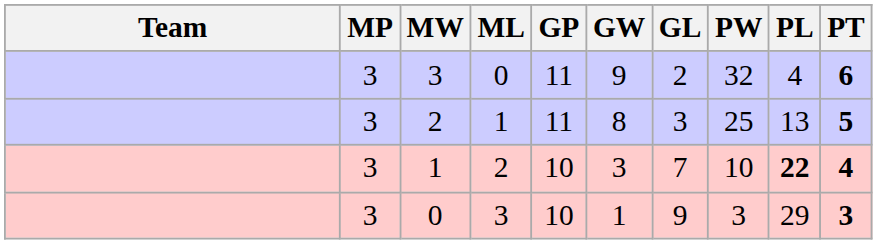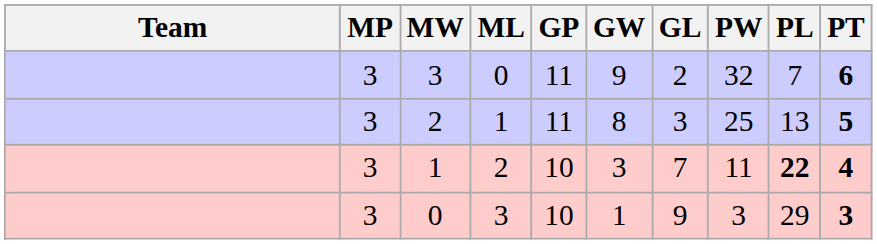 <table class=wikitable style="text-align:center">
 <tr>
 <th width=175>Team</th>
 <th width=20>MP</th>
 <th width=20>MW</th>
 <th width=20>ML</th>
 <th width=20>GP</th>
 <th width=20>GW</th>
 <th width=20>GL</th>
 <th width=20>PW</th>
 <th width=20>PL</th>
 <th width=20>PT</th>
 </tr>
 <tr style="background-color:#ccccff;">
 <td style="text-align:left;"></td>
 <td>3</td>
 <td>3</td>
 <td>0</td>
 <td>11</td>
 <td>9</td>
 <td>2</td>
 <td>32</td>
-<td>4</td>
+<td>7</td>
 <td><strong>6</strong></td>
 </tr>
 <tr style="background-color:#ccccff;">
 <td style="text-align:left;"></td>
 <td>3</td>
 <td>2</td>
 <td>1</td>
 <td>11</td>
 <td>8</td>
 <td>3</td>
 <td>25</td>
 <td>13</td>
 <td><strong>5</strong></td>
 </tr>
 <tr style="background-color:#ffcccc;">
 <td style="text-align:left;"></td>
 <td>3</td>
 <td>1</td>
 <td>2</td>
 <td>10</td>
 <td>3</td>
 <td>7</td>
-<td>10</td>
+<td>11</td>
 <td><strong>22</strong></td>
 <td><strong>4</strong></td>
 </tr>
 <tr style="background-color:#ffcccc;">
 <td style="text-align:left;"></td>
 <td>3</td>
 <td>0</td>
 <td>3</td>
 <td>10</td>
 <td>1</td>
 <td>9</td>
 <td>3</td>
 <td>29</td>
 <td><strong>3</strong></td>
 </tr>
 </table>
